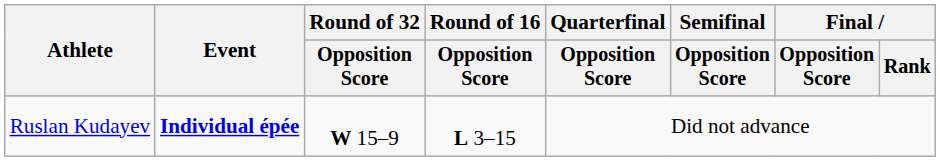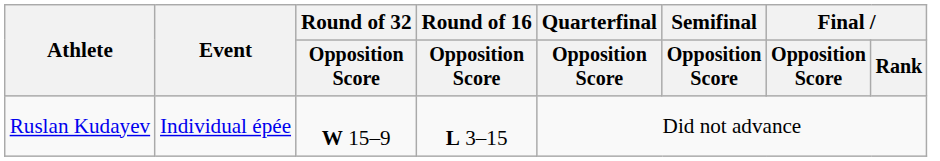 <table class="wikitable" style="font-size:90%">
 <tr>
 <th rowspan="2">Athlete</th>
 <th rowspan="2">Event</th>
 <th>Round of 32</th>
 <th>Round of 16</th>
 <th>Quarterfinal</th>
 <th>Semifinal</th>
 <th colspan=2>Final / </th>
 </tr>
 <tr style="font-size:95%">
 <th>Opposition <br> Score</th>
 <th>Opposition <br> Score</th>
 <th>Opposition <br> Score</th>
 <th>Opposition <br> Score</th>
 <th>Opposition <br> Score</th>
 <th>Rank</th>
 </tr>
 <tr align=center>
 <td align=left><a href='#'>Ruslan Kudayev</a></td>
-<td align=left><strong><a href='#'>Individual épée</a></strong></td>
+<td align=left><a href='#'>Individual épée</a></td>
 <td><br><strong>W</strong> 15–9</td>
 <td><br><strong>L</strong> 3–15</td>
 <td colspan=4>Did not advance</td>
 </tr>
 </table>
